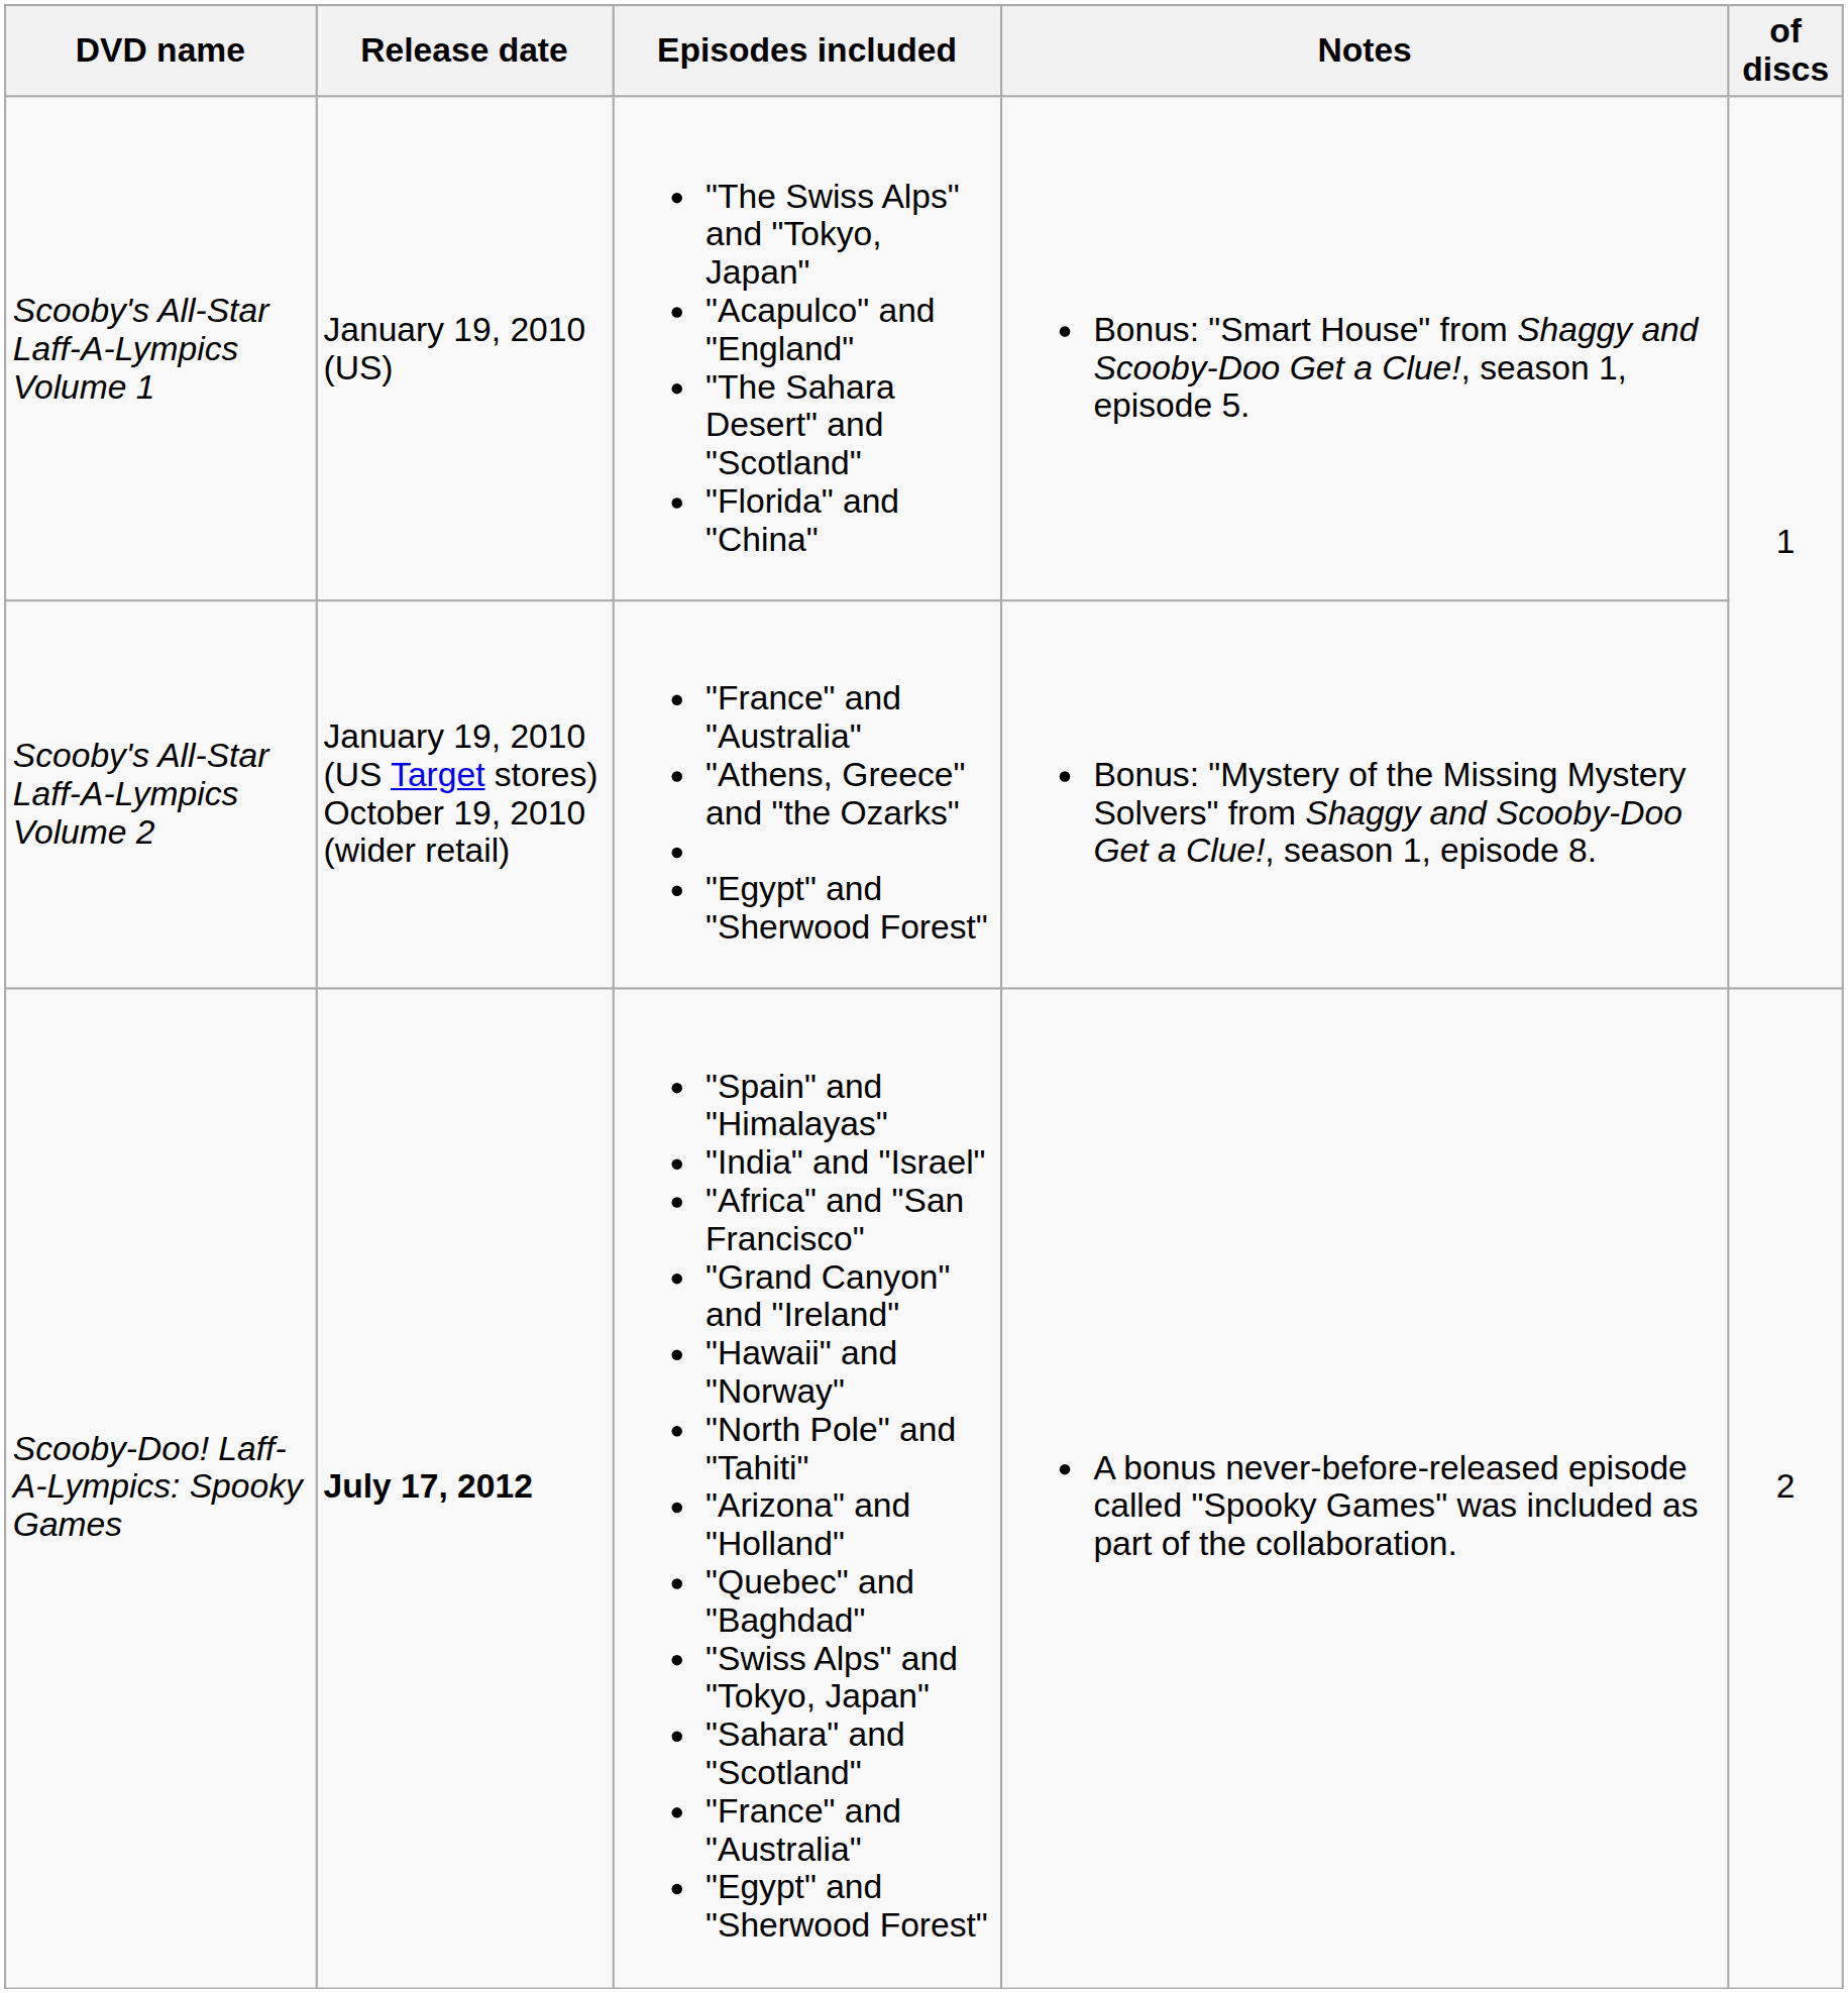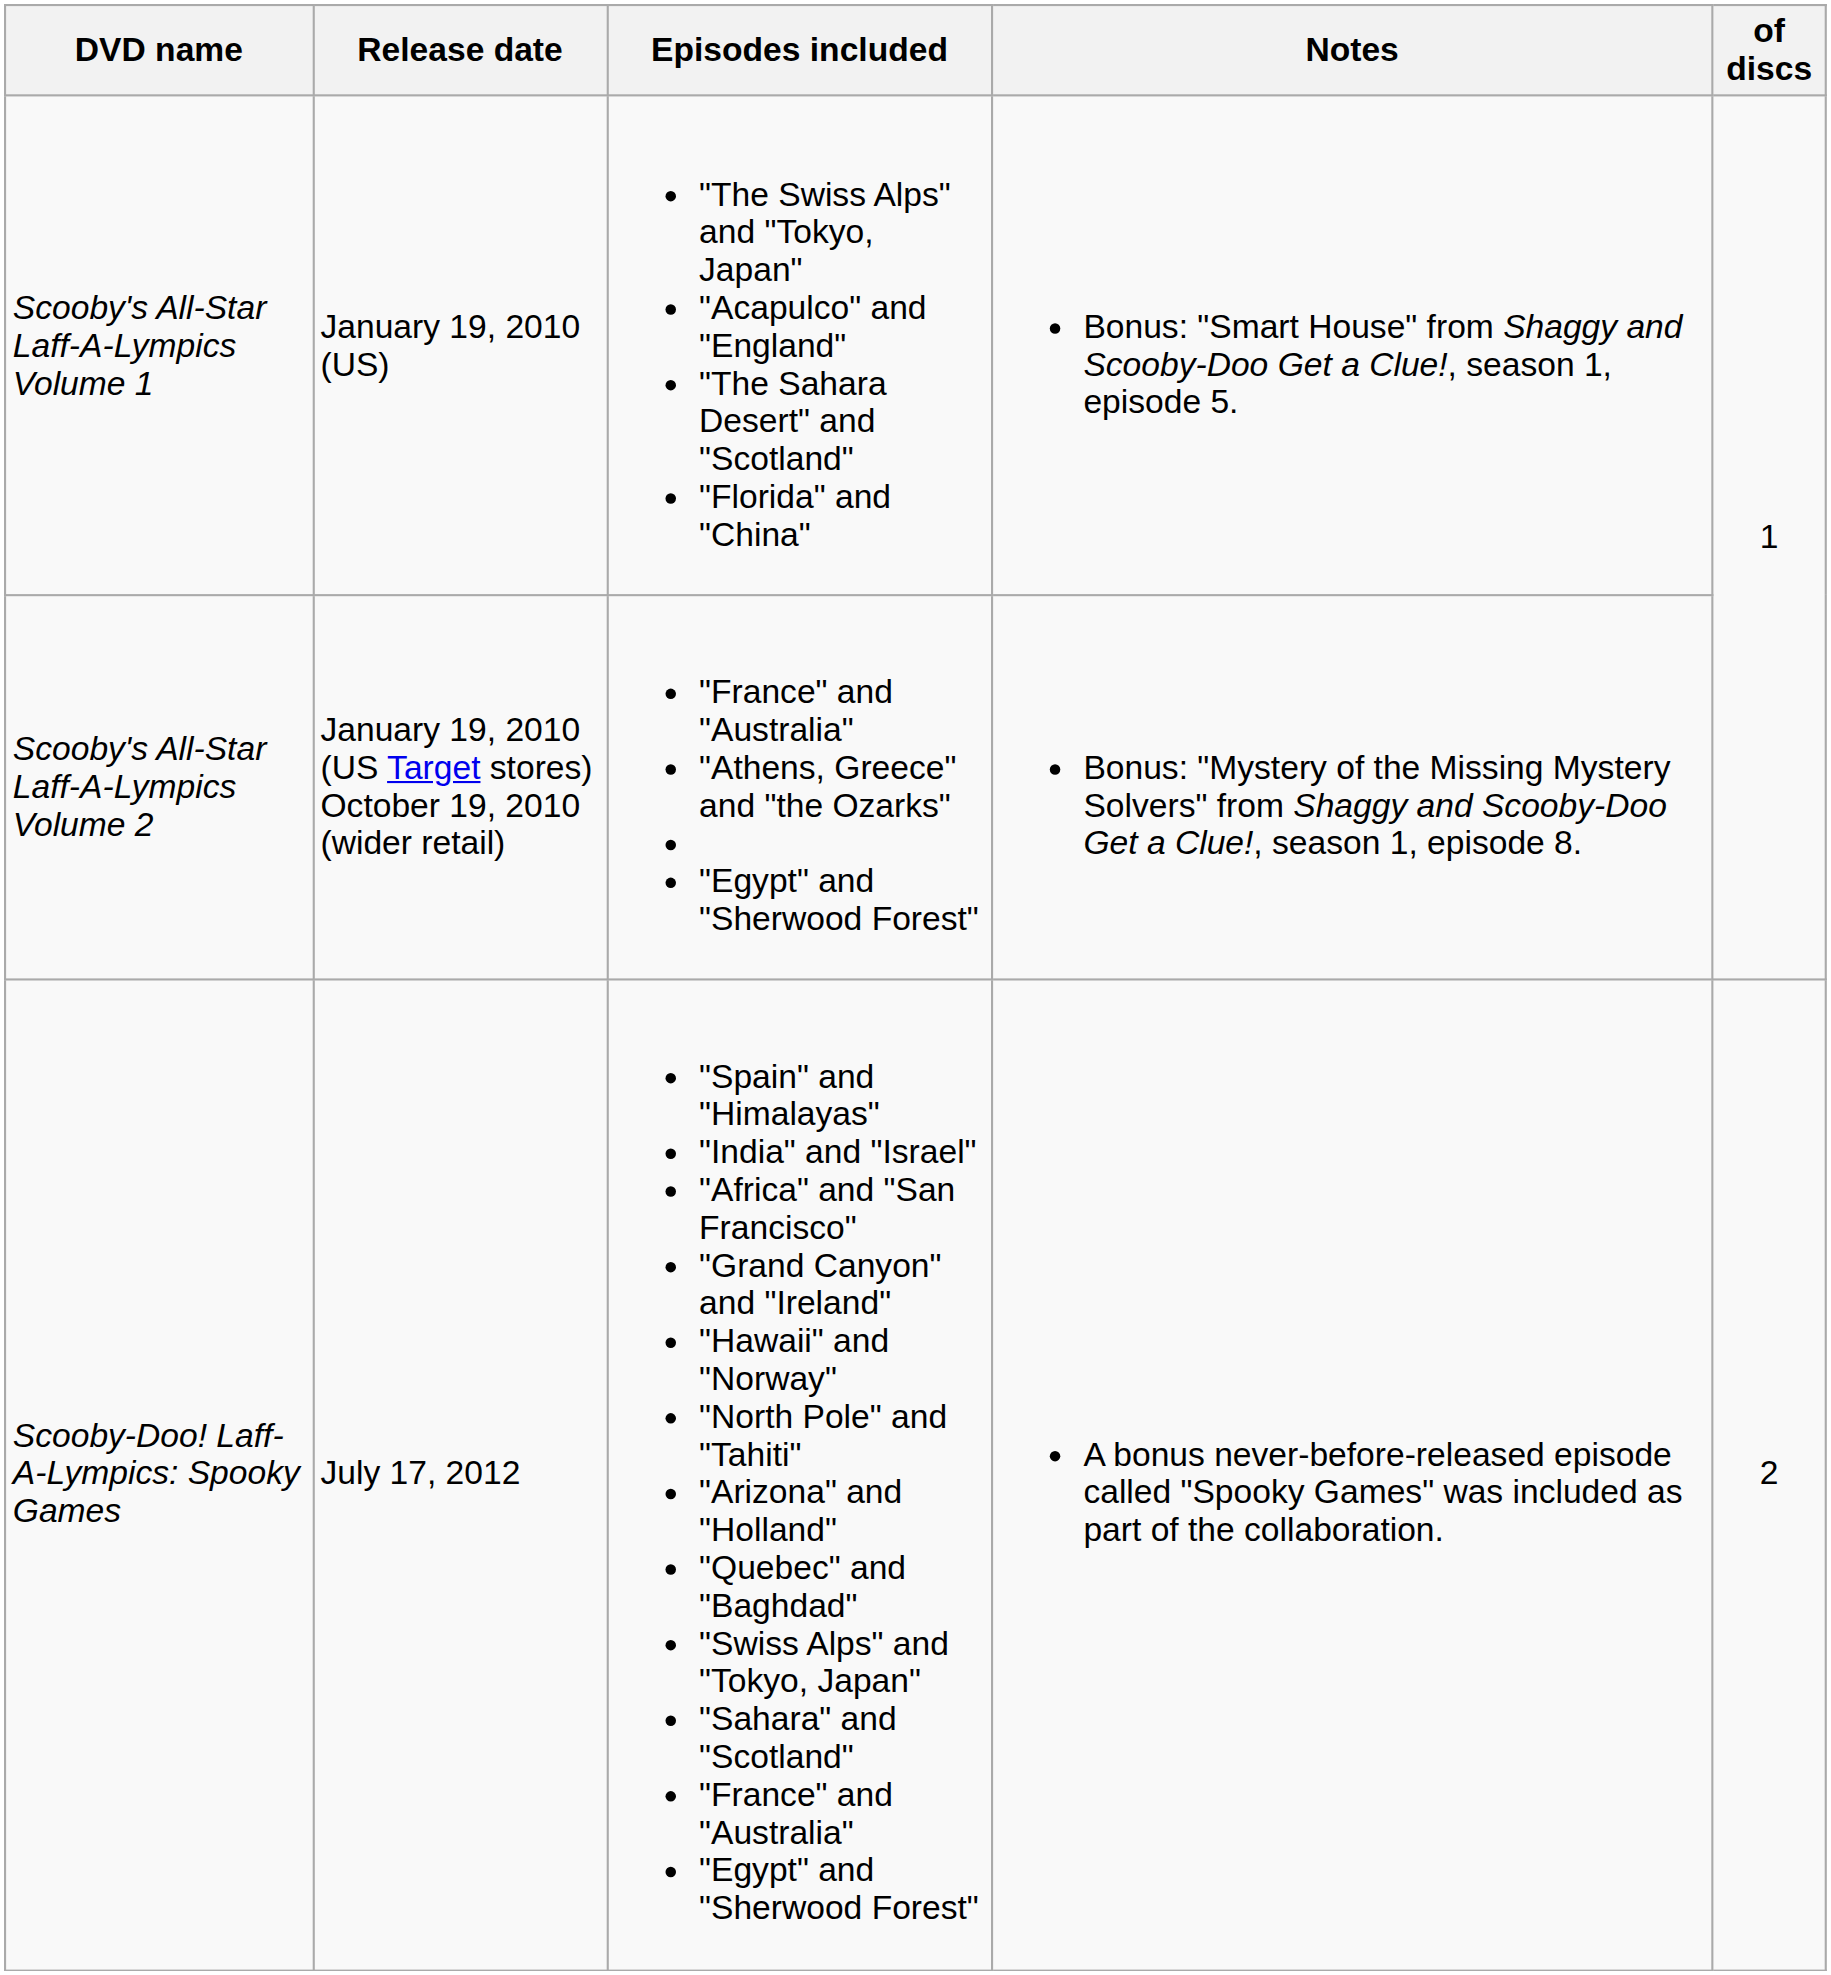 <table class="wikitable">
 <tr>
 <th>DVD name</th>
 <th>Release date</th>
 <th>Episodes included</th>
 <th>Notes</th>
 <th> of discs</th>
 </tr>
 <tr>
 <td><em>Scooby's All-Star Laff-A-Lympics Volume 1</em></td>
 <td>January 19, 2010 (US)</td>
 <td><br><ul><li>"The Swiss Alps" and "Tokyo, Japan"</li><li>"Acapulco" and "England"</li><li>"The Sahara Desert" and "Scotland"</li><li>"Florida" and "China"</li></ul></td>
 <td><br><ul><li>Bonus: "Smart House" from <em>Shaggy and Scooby-Doo Get a Clue!</em>, season 1, episode 5.</li></ul></td>
 <td rowspan="2" align="center">1</td>
 </tr>
 <tr>
 <td><em>Scooby's All-Star Laff-A-Lympics Volume 2</em></td>
 <td>January 19, 2010 (US <a href='#'>Target</a> stores)<br>October 19, 2010 (wider retail)</td>
 <td><br><ul><li>"France" and "Australia"</li><li>"Athens, Greece" and "the Ozarks"</li><li></li><li>"Egypt" and "Sherwood Forest"</li></ul></td>
 <td><br><ul><li>Bonus: "Mystery of the Missing Mystery Solvers" from <em>Shaggy and Scooby-Doo Get a Clue!</em>, season 1, episode 8.</li></ul></td>
 </tr>
 <tr>
 <td><em>Scooby-Doo! Laff-A-Lympics: Spooky Games</em></td>
-<td><strong>July 17, 2012</strong></td>
+<td>July 17, 2012</td>
 <td><br><ul><li>"Spain" and "Himalayas"</li><li>"India" and "Israel"</li><li>"Africa" and "San Francisco"</li><li>"Grand Canyon" and "Ireland"</li><li>"Hawaii" and "Norway"</li><li>"North Pole" and "Tahiti"</li><li>"Arizona" and "Holland"</li><li>"Quebec" and "Baghdad"</li><li>"Swiss Alps" and "Tokyo, Japan"</li><li>"Sahara" and "Scotland"</li><li>"France" and "Australia"</li><li>"Egypt" and "Sherwood Forest"</li></ul></td>
 <td><br><ul><li>A bonus never-before-released episode called "Spooky Games" was included as part of the collaboration.</li></ul></td>
 <td align="center">2</td>
 </tr>
 </table>
